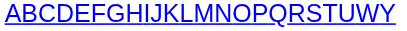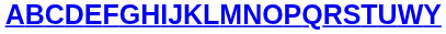 <table id="toc" class="toc" summary="Class">
 <tr>
 <th></th>
 </tr>
 <tr>
-<td style="text-align:center;"><a href='#'>A</a><a href='#'>B</a><a href='#'>C</a><a href='#'>D</a><a href='#'>E</a><a href='#'>F</a><a href='#'>G</a><a href='#'>H</a><a href='#'>I</a><a href='#'>J</a><a href='#'>K</a><a href='#'>L</a><a href='#'>M</a><a href='#'>N</a><a href='#'>O</a><a href='#'>P</a><a href='#'>Q</a><a href='#'>R</a><a href='#'>S</a><a href='#'>T</a><a href='#'>U</a><a href='#'>W</a><a href='#'>Y</a></td>
+<td style="text-align:center;"><strong><a href='#'>A</a><a href='#'>B</a><a href='#'>C</a><a href='#'>D</a><a href='#'>E</a><a href='#'>F</a><a href='#'>G</a><a href='#'>H</a><a href='#'>I</a><a href='#'>J</a><a href='#'>K</a><a href='#'>L</a><a href='#'>M</a><a href='#'>N</a><a href='#'>O</a><a href='#'>P</a><a href='#'>Q</a><a href='#'>R</a><a href='#'>S</a><a href='#'>T</a><a href='#'>U</a><a href='#'>W</a><a href='#'>Y</a></strong></td>
 </tr>
 </table>
